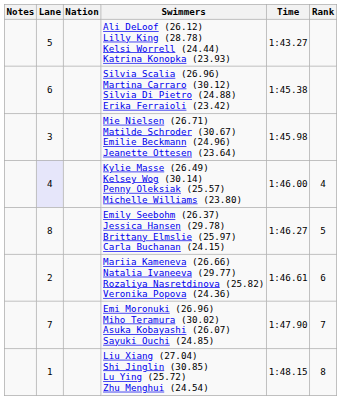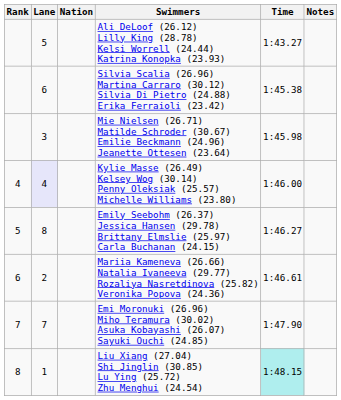 <table class="wikitable sortable" style="text-align:center">
 <tr>
-<th>Notes</th>
+<th>Rank</th>
 <th>Lane</th>
 <th>Nation</th>
 <th>Swimmers</th>
 <th>Time</th>
-<th>Rank</th>
+<th>Notes</th>
 </tr>
 <tr>
 <td></td>
 <td>5</td>
 <td align=left></td>
 <td align=left><a href='#'>Ali DeLoof</a> (26.12)<br><a href='#'>Lilly King</a> (28.78)<br><a href='#'>Kelsi Worrell</a> (24.44)<br><a href='#'>Katrina Konopka</a> (23.93)</td>
 <td>1:43.27</td>
 <td></td>
 </tr>
 <tr>
 <td></td>
 <td>6</td>
 <td align=left></td>
 <td align=left><a href='#'>Silvia Scalia</a> (26.96)<br><a href='#'>Martina Carraro</a> (30.12)<br><a href='#'>Silvia Di Pietro</a> (24.88)<br><a href='#'>Erika Ferraioli</a> (23.42)</td>
 <td>1:45.38</td>
 <td></td>
 </tr>
 <tr>
 <td></td>
 <td>3</td>
 <td align=left></td>
 <td align=left><a href='#'>Mie Nielsen</a> (26.71)<br><a href='#'>Matilde Schroder</a> (30.67)<br><a href='#'>Emilie Beckmann</a> (24.96)<br><a href='#'>Jeanette Ottesen</a> (23.64)</td>
 <td>1:45.98</td>
 <td></td>
 </tr>
 <tr>
-<td></td>
+<td>4</td>
 <td style="background: lavender;">4</td>
 <td align=left></td>
 <td align=left><a href='#'>Kylie Masse</a> (26.49)<br><a href='#'>Kelsey Wog</a> (30.14)<br><a href='#'>Penny Oleksiak</a> (25.57)<br><a href='#'>Michelle Williams</a> (23.80)</td>
 <td>1:46.00</td>
-<td>4</td>
+<td></td>
 </tr>
 <tr>
-<td></td>
+<td>5</td>
 <td>8</td>
 <td align=left></td>
 <td align=left><a href='#'>Emily Seebohm</a> (26.37)<br><a href='#'>Jessica Hansen</a> (29.78)<br><a href='#'>Brittany Elmslie</a> (25.97)<br><a href='#'>Carla Buchanan</a> (24.15)</td>
 <td>1:46.27</td>
-<td>5</td>
+<td></td>
 </tr>
 <tr>
-<td></td>
+<td>6</td>
 <td>2</td>
 <td align=left></td>
 <td align=left><a href='#'>Mariia Kameneva</a> (26.66)<br><a href='#'>Natalia Ivaneeva</a> (29.77)<br><a href='#'>Rozaliya Nasretdinova</a> (25.82)<br><a href='#'>Veronika Popova</a> (24.36)</td>
 <td>1:46.61</td>
-<td>6</td>
+<td></td>
 </tr>
 <tr>
-<td></td>
+<td>7</td>
 <td>7</td>
 <td align=left></td>
 <td align=left><a href='#'>Emi Moronuki</a> (26.96)<br><a href='#'>Miho Teramura</a> (30.02)<br><a href='#'>Asuka Kobayashi</a> (26.07)<br><a href='#'>Sayuki Ouchi</a> (24.85)</td>
 <td>1:47.90</td>
-<td>7</td>
+<td></td>
 </tr>
 <tr>
-<td></td>
+<td>8</td>
 <td>1</td>
 <td align=left></td>
 <td align=left><a href='#'>Liu Xiang</a> (27.04)<br><a href='#'>Shi Jinglin</a> (30.85)<br><a href='#'>Lu Ying</a> (25.72)<br><a href='#'>Zhu Menghui</a> (24.54)</td>
-<td>1:48.15</td>
-<td>8</td>
+<td style="background: paleturquoise;">1:48.15</td>
+<td></td>
 </tr>
 </table>
